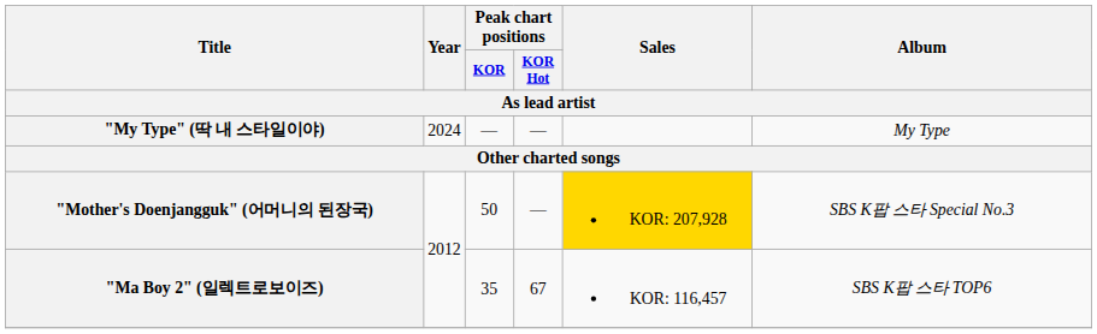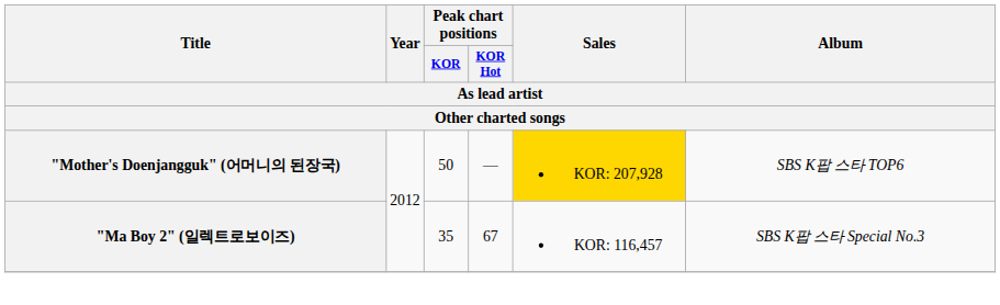 <table class="wikitable plainrowheaders" style="text-align:center;">
 <tr>
 <th scope="col" rowspan="2" style="width:24.8em;">Title</th>
 <th scope="col" rowspan="2" style="width:2em;">Year</th>
 <th scope="col" colspan="2">Peak chart positions</th>
 <th scope="col" rowspan="2" style="width:11em;">Sales</th>
 <th scope="col" rowspan="2" style="width:20em;">Album</th>
 </tr>
 <tr>
 <th scope="col" style="width:3em;font-size:85%;"><a href='#'>KOR</a><br></th>
 <th scope="col" style="width:3em;font-size:85%;"><a href='#'>KOR<br>Hot</a><br></th>
 </tr>
 <tr>
 <th colspan="6">As lead artist</th>
 </tr>
 <tr>
-<th scope="row">"My Type" (딱 내 스타일이야)</th>
-<td>2024</td>
-<td>—</td>
-<td>—</td>
-<td></td>
-<td><em>My Type</em></td>
-</tr>
-<tr>
 <th colspan="6">Other charted songs</th>
 </tr>
 <tr>
 <th scope="row">"Mother's Doenjangguk" (어머니의 된장국)</th>
 <td rowspan="2">2012</td>
 <td>50</td>
 <td>—</td>
 <td style="background: gold;"><br><ul><li>KOR: 207,928</li></ul></td>
-<td><em>SBS K팝 스타 Special No.3</em></td>
+<td><em>SBS K팝 스타 TOP6</em></td>
 </tr>
 <tr>
 <th scope="row">"Ma Boy 2" (일렉트로보이즈) </th>
 <td>35</td>
 <td>67</td>
 <td><br><ul><li>KOR: 116,457</li></ul></td>
-<td><em>SBS K팝 스타 TOP6</em></td>
+<td><em>SBS K팝 스타 Special No.3</em></td>
 </tr>
 <tr>
 </tr>
 </table>
